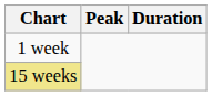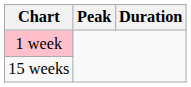 <table class="wikitable plainrowheaders" style="text-align:center">
 <tr>
 <th scope="col">Chart</th>
 <th scope="col">Peak</th>
 <th scope="col">Duration</th>
 </tr>
 <tr>
-<td>1 week</td>
+<td style="background: pink;">1 week</td>
 </tr>
 <tr>
-<td style="background: khaki;">15 weeks</td>
+<td>15 weeks</td>
 </tr>
 </table>
